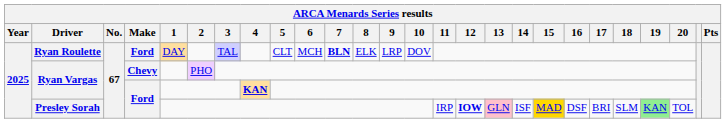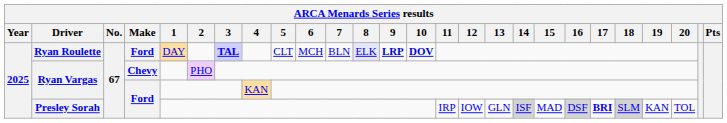 <table class="wikitable" style="text-align:center; font-size:75%">
 <tr>
 <th colspan=27><a href='#'>ARCA Menards Series</a> results</th>
 </tr>
 <tr>
 <th>Year</th>
 <th>Driver</th>
 <th>No.</th>
 <th>Make</th>
 <th>1</th>
 <th>2</th>
 <th>3</th>
 <th>4</th>
 <th>5</th>
 <th>6</th>
 <th>7</th>
 <th>8</th>
 <th>9</th>
 <th>10</th>
 <th>11</th>
 <th>12</th>
 <th>13</th>
 <th>14</th>
 <th>15</th>
 <th>16</th>
 <th>17</th>
 <th>18</th>
 <th>19</th>
 <th>20</th>
 <th></th>
 <th>Pts</th>
 </tr>
 <tr>
 <th rowspan=4><a href='#'>2025</a></th>
 <th><a href='#'>Ryan Roulette</a></th>
 <th rowspan=4>67</th>
 <th><a href='#'>Ford</a></th>
 <td style="background:#FFDF9F;"><a href='#'>DAY</a><br></td>
 <td></td>
-<td style="background:#CFCFFF;"><a href='#'>TAL</a><br></td>
+<td style="background:#CFCFFF;"><strong><a href='#'>TAL</a><br></strong></td>
 <td></td>
 <td><a href='#'>CLT</a></td>
 <td><a href='#'>MCH</a></td>
-<td><strong><a href='#'>BLN</a></strong></td>
-<td><a href='#'>ELK</a></td>
-<td><a href='#'>LRP</a></td>
-<td><a href='#'>DOV</a></td>
+<td><a href='#'>BLN</a></td>
+<td style="background: lavender;"><a href='#'>ELK</a></td>
+<td><strong><a href='#'>LRP</a></strong></td>
+<td><strong><a href='#'>DOV</a></strong></td>
 <td colspan="10"></td>
 <th rowspan="4"></th>
 <th rowspan=4></th>
 </tr>
 <tr>
 <th rowspan=2><a href='#'>Ryan Vargas</a></th>
 <th><a href='#'>Chevy</a></th>
 <td></td>
 <td style="background:#EFCFFF;"><a href='#'>PHO</a><br></td>
 <td colspan="18"></td>
 </tr>
 <tr>
 <th rowspan=3><a href='#'>Ford</a></th>
 <td colspan="3"></td>
-<td style="background:#FFDF9F;"><strong><a href='#'>KAN</a><br></strong></td>
+<td style="background:#FFDF9F;"><a href='#'>KAN</a><br></td>
 <td colspan=16></td>
 </tr>
 <tr>
 <th><a href='#'>Presley Sorah</a></th>
 <td colspan=10></td>
 <td><a href='#'>IRP</a></td>
-<td><strong><a href='#'>IOW</a></strong></td>
-<td style="background: pink;"><a href='#'>GLN</a></td>
-<td><a href='#'>ISF</a></td>
-<td style="background: gold;"><a href='#'>MAD</a></td>
-<td><a href='#'>DSF</a></td>
-<td><a href='#'>BRI</a></td>
-<td><a href='#'>SLM</a></td>
-<td style="background: lightgreen;"><a href='#'>KAN</a></td>
+<td><a href='#'>IOW</a></td>
+<td><a href='#'>GLN</a></td>
+<td style="background: lightgrey;"><a href='#'>ISF</a></td>
+<td><a href='#'>MAD</a></td>
+<td style="background: lightgrey;"><a href='#'>DSF</a></td>
+<td><strong><a href='#'>BRI</a></strong></td>
+<td style="background: lightgrey;"><a href='#'>SLM</a></td>
+<td><a href='#'>KAN</a></td>
 <td><a href='#'>TOL</a></td>
 </tr>
 </table>
